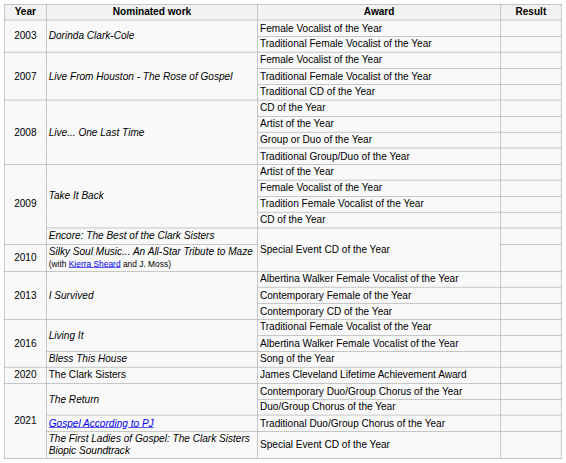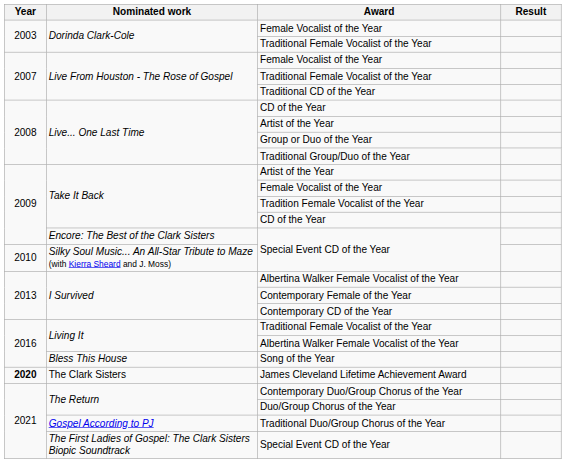 <table class="wikitable" style="width:70%;">
 <tr>
 <th style="width:3%;">Year</th>
 <th style="width:20%;">Nominated work</th>
 <th style="width:23%;">Award</th>
 <th style="width:5%;">Result</th>
 </tr>
 <tr>
 <td align="center" rowspan="2">2003</td>
 <td rowspan="2"><em>Dorinda Clark-Cole</em></td>
 <td>Female Vocalist of the Year</td>
 <td></td>
 </tr>
 <tr>
 <td>Traditional Female Vocalist of the Year</td>
 <td></td>
 </tr>
 <tr>
 <td align="center" rowspan="3">2007</td>
 <td rowspan="3"><em>Live From Houston - The Rose of Gospel</em></td>
 <td>Female Vocalist of the Year</td>
 <td></td>
 </tr>
 <tr>
 <td>Traditional Female Vocalist of the Year</td>
 <td></td>
 </tr>
 <tr>
 <td>Traditional CD of the Year</td>
 <td></td>
 </tr>
 <tr>
 <td align="center" rowspan="4">2008</td>
 <td rowspan="4"><em>Live... One Last Time</em></td>
 <td>CD of the Year</td>
 <td></td>
 </tr>
 <tr>
 <td>Artist of the Year</td>
 <td></td>
 </tr>
 <tr>
 <td>Group or Duo of the Year</td>
 <td></td>
 </tr>
 <tr>
 <td>Traditional Group/Duo of the Year</td>
 <td></td>
 </tr>
 <tr>
 <td align="center" rowspan="5">2009</td>
 <td rowspan="4"><em>Take It Back</em></td>
 <td>Artist of the Year</td>
 <td></td>
 </tr>
 <tr>
 <td>Female Vocalist of the Year</td>
 <td></td>
 </tr>
 <tr>
 <td>Tradition Female Vocalist of the Year</td>
 <td></td>
 </tr>
 <tr>
 <td>CD of the Year</td>
 <td></td>
 </tr>
 <tr>
 <td><em>Encore: The Best of the Clark Sisters</em></td>
 <td rowspan="2">Special Event CD of the Year</td>
 <td></td>
 </tr>
 <tr>
 <td align="center">2010</td>
 <td><em>Silky Soul Music... An All-Star Tribute to Maze</em> <small>(with <a href='#'>Kierra Sheard</a> and J. Moss)</small></td>
 <td></td>
 </tr>
 <tr>
 <td align="center" rowspan="3">2013</td>
 <td rowspan="3"><em>I Survived</em></td>
 <td>Albertina Walker Female Vocalist of the Year</td>
 <td></td>
 </tr>
 <tr>
 <td>Contemporary Female of the Year</td>
 <td></td>
 </tr>
 <tr>
 <td>Contemporary CD of the Year</td>
 <td></td>
 </tr>
 <tr>
 <td align="center" rowspan="3">2016</td>
 <td rowspan="2"><em>Living It</em></td>
 <td>Traditional Female Vocalist of the Year</td>
 <td></td>
 </tr>
 <tr>
 <td>Albertina Walker Female Vocalist of the Year</td>
 <td></td>
 </tr>
 <tr>
 <td><em>Bless This House</em></td>
 <td>Song of the Year</td>
 <td></td>
 </tr>
 <tr>
-<td align="center">2020</td>
+<td align="center"><strong>2020</strong></td>
 <td>The Clark Sisters</td>
 <td>James Cleveland Lifetime Achievement Award</td>
 <td></td>
 </tr>
 <tr>
 <td align="center" rowspan="4">2021</td>
 <td rowspan="2"><em>The Return</em></td>
 <td>Contemporary Duo/Group Chorus of the Year</td>
 <td></td>
 </tr>
 <tr>
 <td>Duo/Group Chorus of the Year</td>
 <td></td>
 </tr>
 <tr>
 <td><em><a href='#'>Gospel According to PJ</a></em></td>
 <td>Traditional Duo/Group Chorus of the Year</td>
 <td></td>
 </tr>
 <tr>
 <td><em>The First Ladies of Gospel: The Clark Sisters Biopic Soundtrack</em></td>
 <td>Special Event CD of the Year</td>
 <td></td>
 </tr>
 </table>
